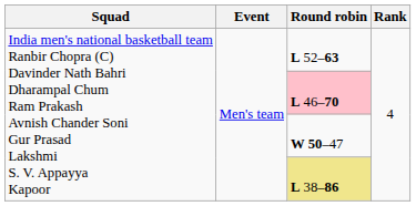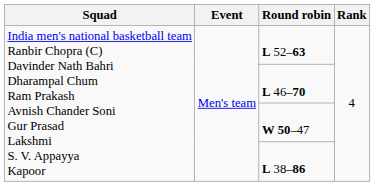 <table class="wikitable" style="font-size:90%">
 <tr>
 <th>Squad</th>
 <th>Event</th>
 <th>Round robin</th>
 <th>Rank</th>
 </tr>
 <tr>
 <td rowspan=4><a href='#'>India men's national basketball team</a><br>Ranbir Chopra (C)<br>Davinder Nath Bahri<br>Dharampal Chum<br>Ram Prakash<br>Avnish Chander Soni<br>Gur Prasad<br>Lakshmi<br>S. V. Appayya<br>Kapoor</td>
 <td rowspan=4><a href='#'>Men's team</a></td>
 <td><br><strong>L</strong> 52–<strong>63</strong></td>
 <td rowspan="4" style="text-align:center;">4</td>
 </tr>
 <tr>
-<td style="background: pink;"><br><strong>L</strong> 46–<strong>70</strong></td>
+<td><br><strong>L</strong> 46–<strong>70</strong></td>
 </tr>
 <tr>
 <td><br><strong>W</strong> <strong>50</strong>–47</td>
 </tr>
 <tr>
-<td style="background: khaki;"><br><strong>L</strong> 38–<strong>86</strong></td>
+<td><br><strong>L</strong> 38–<strong>86</strong></td>
 </tr>
 </table>
